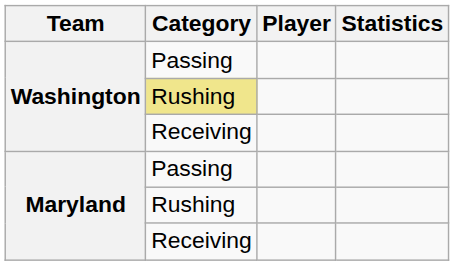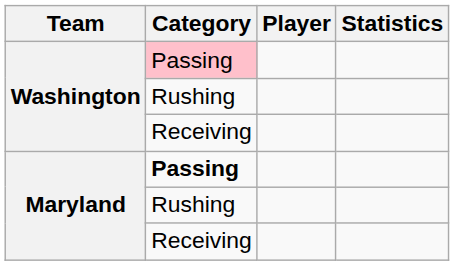 <table class="wikitable" style="float:right">
 <tr>
 <th>Team</th>
 <th>Category</th>
 <th>Player</th>
 <th>Statistics</th>
 </tr>
 <tr>
 <th rowspan=3>Washington</th>
-<td>Passing</td>
+<td style="background: pink;">Passing</td>
 <td></td>
 <td></td>
 </tr>
 <tr>
-<td style="background: khaki;">Rushing</td>
+<td>Rushing</td>
 <td></td>
 <td></td>
 </tr>
 <tr>
 <td>Receiving</td>
 <td></td>
 <td></td>
 </tr>
 <tr>
 <th rowspan=3>Maryland</th>
-<td>Passing</td>
+<td><strong>Passing</strong></td>
 <td></td>
 <td></td>
 </tr>
 <tr>
 <td>Rushing</td>
 <td></td>
 <td></td>
 </tr>
 <tr>
 <td>Receiving</td>
 <td></td>
 <td></td>
 </tr>
 </table>
